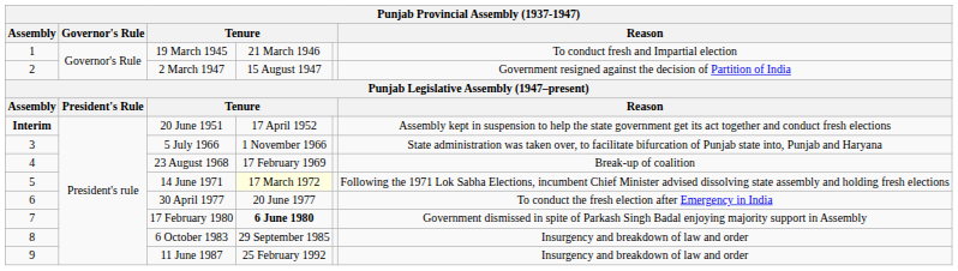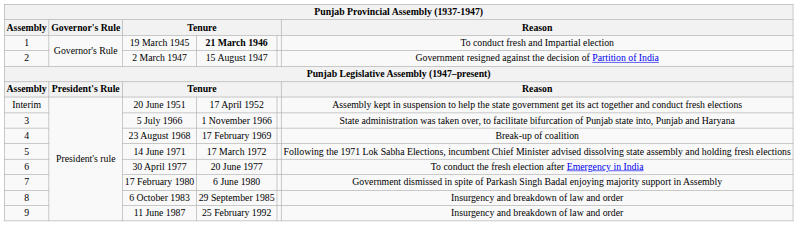 <table class="wikitable" style="text-align:center">
 <tr>
 <th colspan="6">Punjab Provincial Assembly (1937-1947)</th>
 </tr>
 <tr>
 <th>Assembly</th>
 <th>Governor's Rule</th>
 <th colspan="3">Tenure</th>
 <th>Reason</th>
 </tr>
 <tr>
 <td>1</td>
 <td rowspan="2">Governor's Rule</td>
 <td>19 March 1945</td>
-<td>21 March 1946</td>
+<td><strong>21 March 1946</strong></td>
 <td></td>
 <td>To conduct fresh and Impartial election</td>
 </tr>
 <tr>
 <td>2</td>
 <td>2 March 1947</td>
 <td>15 August 1947</td>
 <td></td>
 <td>Government resigned against the decision of <a href='#'>Partition of India</a></td>
 </tr>
 <tr>
 <th colspan="6">Punjab Legislative Assembly (1947–present)</th>
 </tr>
 <tr>
 <th>Assembly</th>
 <th>President's Rule</th>
 <th colspan="3">Tenure</th>
 <th>Reason</th>
 </tr>
 <tr>
-<td><strong>Interim</strong></td>
+<td>Interim</td>
 <td rowspan="8">President's rule</td>
 <td>20 June 1951</td>
 <td>17 April 1952</td>
 <td></td>
 <td>Assembly kept in suspension to help the state government get its act together and conduct fresh elections</td>
 </tr>
 <tr>
 <td>3</td>
 <td>5 July 1966</td>
 <td>1 November 1966</td>
 <td></td>
 <td>State administration was taken over, to facilitate bifurcation of Punjab state into, Punjab and Haryana</td>
 </tr>
 <tr>
 <td>4</td>
 <td>23 August 1968</td>
 <td>17 February 1969</td>
 <td></td>
 <td>Break-up of coalition</td>
 </tr>
 <tr>
 <td>5</td>
 <td>14 June 1971</td>
-<td style="background: lightyellow;">17 March 1972</td>
+<td>17 March 1972</td>
 <td></td>
 <td>Following the 1971 Lok Sabha Elections, incumbent Chief Minister advised dissolving state assembly and holding fresh elections</td>
 </tr>
 <tr>
 <td>6</td>
 <td>30 April 1977</td>
 <td>20 June 1977</td>
 <td></td>
 <td>To conduct the fresh election after <a href='#'>Emergency in India</a></td>
 </tr>
 <tr>
 <td>7</td>
 <td>17 February 1980</td>
-<td><strong>6 June 1980</strong></td>
+<td>6 June 1980</td>
 <td></td>
 <td>Government dismissed in spite of Parkash Singh Badal enjoying majority support in Assembly</td>
 </tr>
 <tr>
 <td>8</td>
 <td>6 October 1983</td>
 <td>29 September 1985</td>
 <td></td>
 <td>Insurgency and breakdown of law and order</td>
 </tr>
 <tr>
 <td>9</td>
 <td>11 June 1987</td>
 <td>25 February 1992</td>
 <td></td>
 <td>Insurgency and breakdown of law and order</td>
 </tr>
 </table>
